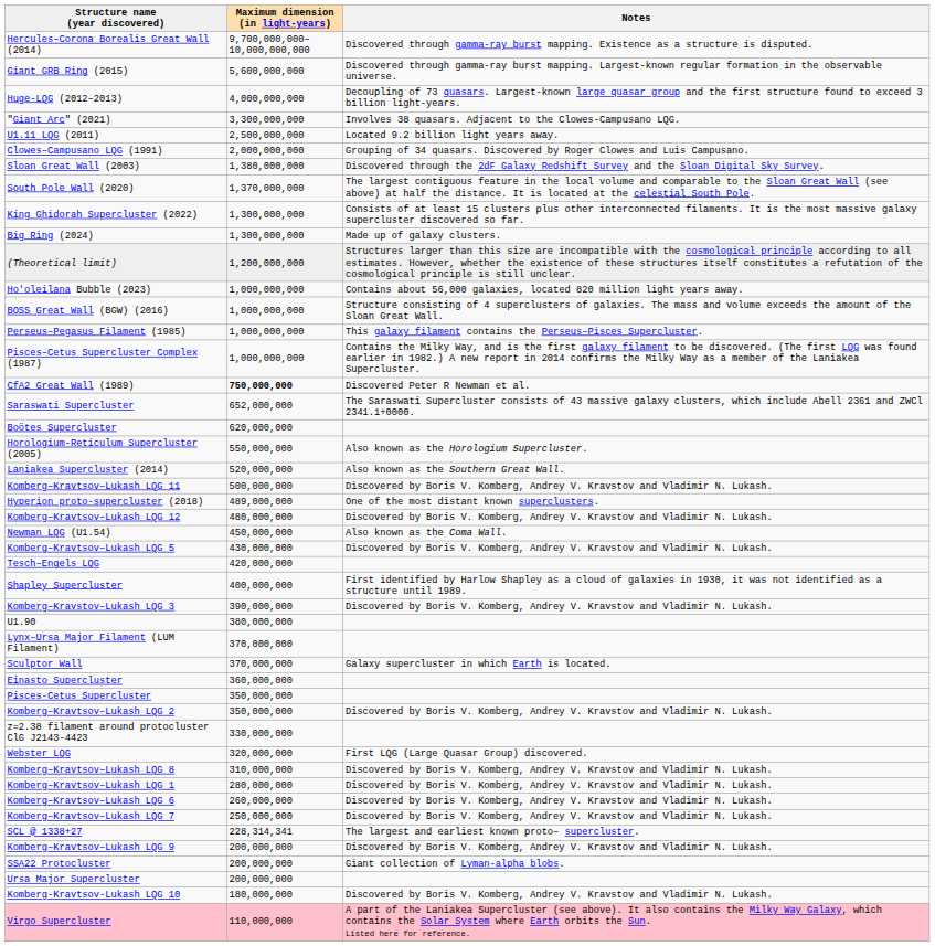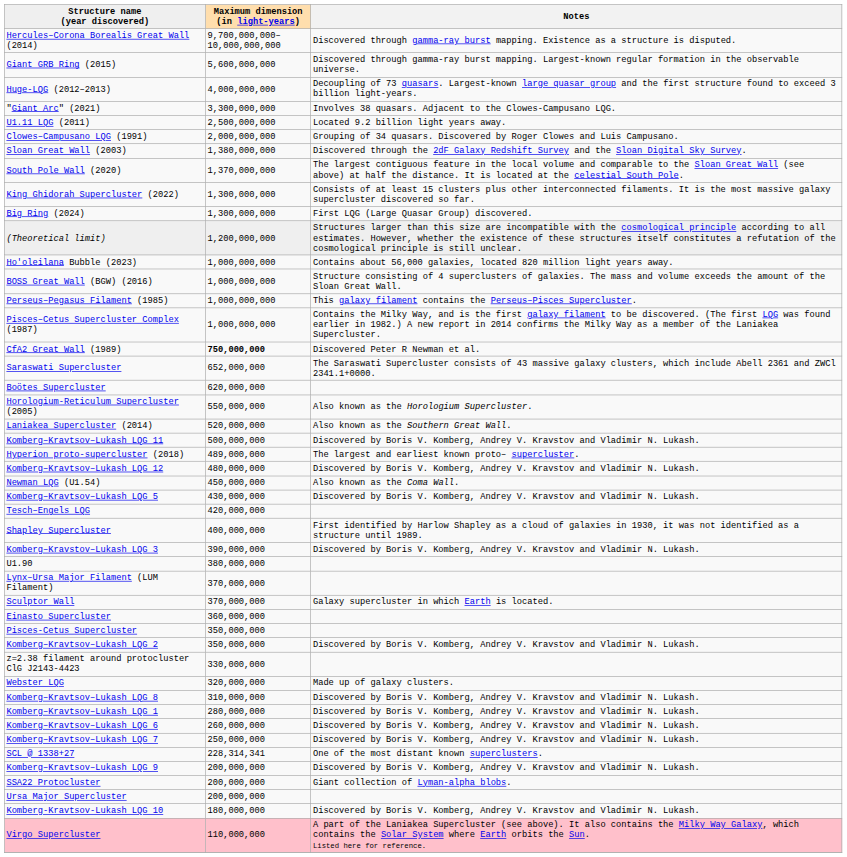 <table class="wikitable sortable sticky-header">
 <tr>
 <th style="background:#efefef; white-space:nobr;">Structure name<br>(year discovered)</th>
 <th style="background:#ffdead;">Maximum dimension<br>(in <a href='#'>light-years</a>)</th>
 <th class="unsortable">Notes</th>
 </tr>
 <tr>
 <td><a href='#'>Hercules–Corona Borealis Great Wall</a> (2014)</td>
 <td>9,700,000,000–10,000,000,000</td>
 <td>Discovered through <a href='#'>gamma-ray burst</a> mapping. Existence as a structure is disputed.</td>
 </tr>
 <tr>
 <td><a href='#'>Giant GRB Ring</a> (2015)</td>
 <td>5,600,000,000</td>
 <td>Discovered through gamma-ray burst mapping. Largest-known regular formation in the observable universe.</td>
 </tr>
 <tr>
 <td><a href='#'>Huge-LQG</a> (2012–2013)</td>
 <td>4,000,000,000</td>
 <td>Decoupling of 73 <a href='#'>quasars</a>. Largest-known <a href='#'>large quasar group</a> and the first structure found to exceed 3 billion light-years.</td>
 </tr>
 <tr>
 <td>"<a href='#'>Giant Arc</a>" (2021)</td>
 <td>3,300,000,000</td>
 <td>Involves 38 quasars. Adjacent to the Clowes-Campusano LQG.</td>
 </tr>
 <tr>
 <td><a href='#'>U1.11 LQG</a> (2011)</td>
 <td>2,500,000,000</td>
 <td>Located 9.2 billion light years away.</td>
 </tr>
 <tr>
 <td><a href='#'>Clowes–Campusano LQG</a> (1991)</td>
 <td>2,000,000,000</td>
 <td>Grouping of 34 quasars. Discovered by Roger Clowes and Luis Campusano.</td>
 </tr>
 <tr>
 <td><a href='#'>Sloan Great Wall</a> (2003)</td>
 <td>1,380,000,000</td>
 <td>Discovered through the <a href='#'>2dF Galaxy Redshift Survey</a> and the <a href='#'>Sloan Digital Sky Survey</a>.</td>
 </tr>
 <tr>
 <td><a href='#'>South Pole Wall</a> (2020)</td>
 <td>1,370,000,000</td>
 <td>The largest contiguous feature in the local volume and comparable to the <a href='#'>Sloan Great Wall</a> (see above) at half the distance. It is located at the <a href='#'>celestial South Pole</a>.</td>
 </tr>
 <tr>
 <td><a href='#'>King Ghidorah Supercluster</a> (2022)</td>
 <td>1,300,000,000</td>
 <td>Consists of at least 15 clusters plus other interconnected filaments. It is the most massive galaxy supercluster discovered so far.</td>
 </tr>
 <tr>
 <td><a href='#'>Big Ring</a> (2024)</td>
 <td>1,300,000,000</td>
-<td>Made up of galaxy clusters.</td>
+<td>First LQG (Large Quasar Group) discovered.</td>
 </tr>
 <tr>
 <td style="background:#efefef;"><em>(Theoretical limit)</em></td>
 <td style="background:#efefef;">1,200,000,000</td>
 <td style="background:#efefef;">Structures larger than this size are incompatible with the <a href='#'>cosmological principle</a> according to all estimates. However, whether the existence of these structures itself constitutes a refutation of the cosmological principle is still unclear.</td>
 </tr>
 <tr>
 <td><a href='#'>Ho'oleilana</a> Bubble (2023)</td>
 <td>1,000,000,000</td>
 <td>Contains about 56,000 galaxies, located 820 million light years away.</td>
 </tr>
 <tr>
 <td><a href='#'>BOSS Great Wall</a> (BGW) (2016)</td>
 <td>1,000,000,000</td>
 <td>Structure consisting of 4 superclusters of galaxies. The mass and volume exceeds the amount of the Sloan Great Wall.</td>
 </tr>
 <tr>
 <td><a href='#'>Perseus–Pegasus Filament</a> (1985)</td>
 <td>1,000,000,000</td>
 <td>This <a href='#'>galaxy filament</a> contains the <a href='#'>Perseus–Pisces Supercluster</a>.</td>
 </tr>
 <tr>
 <td><a href='#'>Pisces–Cetus Supercluster Complex</a> (1987)</td>
 <td>1,000,000,000</td>
 <td>Contains the Milky Way, and is the first <a href='#'>galaxy filament</a> to be discovered. (The first <a href='#'>LQG</a> was found earlier in 1982.) A new report in 2014 confirms the Milky Way as a member of the Laniakea Supercluster.</td>
 </tr>
 <tr>
 <td><a href='#'>CfA2 Great Wall</a> (1989)</td>
 <td><strong>750,000,000</strong></td>
 <td>Discovered Peter R Newman et al.</td>
 </tr>
 <tr>
 <td><a href='#'>Saraswati Supercluster</a></td>
 <td>652,000,000</td>
 <td>The Saraswati Supercluster consists of 43 massive galaxy clusters, which include Abell 2361 and ZWCl 2341.1+0000.</td>
 </tr>
 <tr>
 <td><a href='#'>Boötes Supercluster</a></td>
 <td>620,000,000</td>
 <td></td>
 </tr>
 <tr>
 <td><a href='#'>Horologium-Reticulum Supercluster</a> (2005)</td>
 <td>550,000,000</td>
 <td>Also known as the <em>Horologium Supercluster</em>.</td>
 </tr>
 <tr>
 <td><a href='#'>Laniakea Supercluster</a> (2014)</td>
 <td>520,000,000</td>
 <td>Also known as the <em>Southern Great Wall</em>.</td>
 </tr>
 <tr>
 <td><a href='#'>Komberg–Kravtsov–Lukash LQG 11</a></td>
 <td>500,000,000</td>
 <td>Discovered by Boris V. Komberg, Andrey V. Kravstov and Vladimir N. Lukash.</td>
 </tr>
 <tr>
 <td><a href='#'>Hyperion proto-supercluster</a> (2018)</td>
 <td>489,000,000</td>
-<td>One of the most distant known <a href='#'>superclusters</a>.</td>
+<td>The largest and earliest known proto– <a href='#'>supercluster</a>.</td>
 </tr>
 <tr>
 <td><a href='#'>Komberg–Kravtsov–Lukash LQG 12</a></td>
 <td>480,000,000</td>
 <td>Discovered by Boris V. Komberg, Andrey V. Kravstov and Vladimir N. Lukash.</td>
 </tr>
 <tr>
 <td><a href='#'>Newman LQG</a> (U1.54)</td>
 <td>450,000,000</td>
 <td>Also known as the <em>Coma Wall</em>.</td>
 </tr>
 <tr>
 <td><a href='#'>Komberg–Kravtsov–Lukash LQG 5</a></td>
 <td>430,000,000</td>
 <td>Discovered by Boris V. Komberg, Andrey V. Kravstov and Vladimir N. Lukash.</td>
 </tr>
 <tr>
 <td><a href='#'>Tesch–Engels LQG</a></td>
 <td>420,000,000</td>
 <td></td>
 </tr>
 <tr>
 <td><a href='#'>Shapley Supercluster</a></td>
 <td>400,000,000</td>
 <td>First identified by Harlow Shapley as a cloud of galaxies in 1930, it was not identified as a structure until 1989.</td>
 </tr>
 <tr>
 <td><a href='#'>Komberg–Kravstov–Lukash LQG 3</a></td>
 <td>390,000,000</td>
 <td>Discovered by Boris V. Komberg, Andrey V. Kravstov and Vladimir N. Lukash.</td>
 </tr>
 <tr>
 <td>U1.90</td>
 <td>380,000,000</td>
 <td></td>
 </tr>
 <tr>
 <td><a href='#'>Lynx–Ursa Major Filament</a> (LUM Filament)</td>
 <td>370,000,000</td>
 <td></td>
 </tr>
 <tr>
 <td><a href='#'>Sculptor Wall</a></td>
 <td>370,000,000</td>
 <td>Galaxy supercluster in which <a href='#'>Earth</a> is located.</td>
 </tr>
 <tr>
 <td><a href='#'>Einasto Supercluster</a></td>
 <td>360,000,000</td>
 <td></td>
 </tr>
 <tr>
 <td><a href='#'>Pisces-Cetus Supercluster</a></td>
 <td>350,000,000</td>
 <td></td>
 </tr>
 <tr>
 <td><a href='#'>Komberg–Kravtsov–Lukash LQG 2</a></td>
 <td>350,000,000</td>
 <td>Discovered by Boris V. Komberg, Andrey V. Kravstov and Vladimir N. Lukash.</td>
 </tr>
 <tr>
 <td>z=2.38 filament around protocluster ClG J2143-4423</td>
 <td>330,000,000</td>
 <td></td>
 </tr>
 <tr>
 <td><a href='#'>Webster LQG</a></td>
 <td>320,000,000</td>
-<td>First LQG (Large Quasar Group) discovered.</td>
+<td>Made up of galaxy clusters.</td>
 </tr>
 <tr>
 <td><a href='#'>Komberg–Kravtsov–Lukash LQG 8</a></td>
 <td>310,000,000</td>
 <td>Discovered by Boris V. Komberg, Andrey V. Kravstov and Vladimir N. Lukash.</td>
 </tr>
 <tr>
 <td><a href='#'>Komberg–Kravtsov–Lukash LQG 1</a></td>
 <td>280,000,000</td>
 <td>Discovered by Boris V. Komberg, Andrey V. Kravstov and Vladimir N. Lukash.</td>
 </tr>
 <tr>
 <td><a href='#'>Komberg–Kravtsov–Lukash LQG 6</a></td>
 <td>260,000,000</td>
 <td>Discovered by Boris V. Komberg, Andrey V. Kravstov and Vladimir N. Lukash.</td>
 </tr>
 <tr>
 <td><a href='#'>Komberg–Kravtsov–Lukash LQG 7</a></td>
 <td>250,000,000</td>
 <td>Discovered by Boris V. Komberg, Andrey V. Kravstov and Vladimir N. Lukash.</td>
 </tr>
 <tr>
 <td><a href='#'>SCL @ 1338+27</a></td>
 <td>228,314,341</td>
-<td>The largest and earliest known proto– <a href='#'>supercluster</a>.</td>
+<td>One of the most distant known <a href='#'>superclusters</a>.</td>
 </tr>
 <tr>
 <td><a href='#'>Komberg–Kravtsov–Lukash LQG 9</a></td>
 <td>200,000,000</td>
 <td>Discovered by Boris V. Komberg, Andrey V. Kravstov and Vladimir N. Lukash.</td>
 </tr>
 <tr>
 <td><a href='#'>SSA22 Protocluster</a></td>
 <td>200,000,000</td>
 <td>Giant collection of <a href='#'>Lyman-alpha blobs</a>.</td>
 </tr>
 <tr>
 <td><a href='#'>Ursa Major Supercluster</a></td>
 <td>200,000,000</td>
 <td></td>
 </tr>
 <tr>
 <td nowrap="nowrap"><a href='#'>Komberg-Kravtsov-Lukash LQG 10</a></td>
 <td>180,000,000</td>
 <td>Discovered by Boris V. Komberg, Andrey V. Kravstov and Vladimir N. Lukash.</td>
 </tr>
 <tr style="background:pink;" class="sortbottom">
 <td><a href='#'>Virgo Supercluster</a></td>
 <td>110,000,000</td>
 <td>A part of the Laniakea Supercluster (see above). It also contains the <a href='#'>Milky Way Galaxy</a>, which contains the <a href='#'>Solar System</a> where <a href='#'>Earth</a> orbits the <a href='#'>Sun</a>.<br><small>Listed here for reference.</small></td>
 </tr>
 <tr>
 </tr>
 </table>
